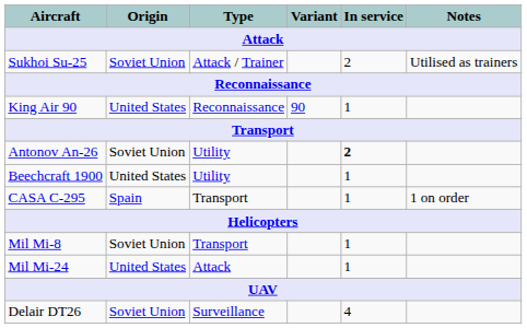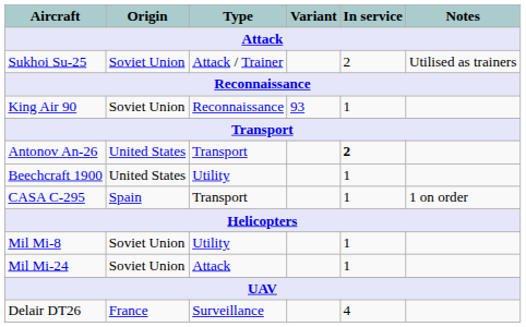 <table class="wikitable">
 <tr>
 <th style="text-align:center; background:#acc;">Aircraft</th>
 <th style="text-align: center; background:#acc;">Origin</th>
 <th style="text-align:l center; background:#acc;">Type</th>
 <th style="text-align:left; background:#acc;">Variant</th>
 <th style="text-align:center; background:#acc;">In service</th>
 <th style="text-align: center; background:#acc;">Notes</th>
 </tr>
 <tr>
 <th style="align: center; background: lavender;" colspan="7"><a href='#'>Attack</a></th>
 </tr>
 <tr>
 <td><a href='#'>Sukhoi Su-25</a></td>
 <td><a href='#'>Soviet Union</a></td>
 <td><a href='#'>Attack</a> / <a href='#'>Trainer</a></td>
 <td></td>
 <td>2</td>
 <td>Utilised as trainers</td>
 </tr>
 <tr>
 <th style="align: center; background: lavender;" colspan="7"><a href='#'>Reconnaissance</a></th>
 </tr>
 <tr>
 <td><a href='#'>King Air 90</a></td>
-<td><a href='#'>United States</a></td>
+<td>Soviet Union</td>
 <td><a href='#'>Reconnaissance</a></td>
-<td><a href='#'>90</a></td>
+<td><a href='#'>93</a></td>
 <td>1</td>
 <td></td>
 </tr>
 <tr>
 <th style="align: center; background: lavender;" colspan="7"><a href='#'>Transport</a></th>
 </tr>
 <tr>
 <td><a href='#'>Antonov An-26</a></td>
-<td>Soviet Union</td>
-<td><a href='#'>Utility</a></td>
+<td><a href='#'>United States</a></td>
+<td><a href='#'>Transport</a></td>
 <td></td>
 <td><strong>2</strong></td>
 <td></td>
 </tr>
 <tr>
 <td><a href='#'>Beechcraft 1900</a></td>
 <td>United States</td>
 <td><a href='#'>Utility</a></td>
 <td></td>
 <td>1</td>
 <td></td>
 </tr>
 <tr>
 <td><a href='#'>CASA C-295</a></td>
 <td><a href='#'>Spain</a></td>
 <td>Transport</td>
 <td></td>
 <td>1</td>
 <td>1 on order</td>
 </tr>
 <tr>
 <th style="align: center; background: lavender;" colspan="7"><a href='#'>Helicopters</a></th>
 </tr>
 <tr>
 <td><a href='#'>Mil Mi-8</a></td>
 <td>Soviet Union</td>
-<td><a href='#'>Transport</a></td>
+<td><a href='#'>Utility</a></td>
 <td></td>
 <td>1</td>
 <td></td>
 </tr>
 <tr>
 <td><a href='#'>Mil Mi-24</a></td>
-<td><a href='#'>United States</a></td>
+<td>Soviet Union</td>
 <td><a href='#'>Attack</a></td>
 <td></td>
 <td>1</td>
 <td></td>
 </tr>
 <tr>
 <th style="align: center; background: lavender;" colspan="7"><a href='#'>UAV</a></th>
 </tr>
 <tr>
 <td>Delair DT26</td>
-<td><a href='#'>Soviet Union</a></td>
+<td><a href='#'>France</a></td>
 <td><a href='#'>Surveillance</a></td>
 <td></td>
 <td>4</td>
 <td></td>
 </tr>
 </table>
